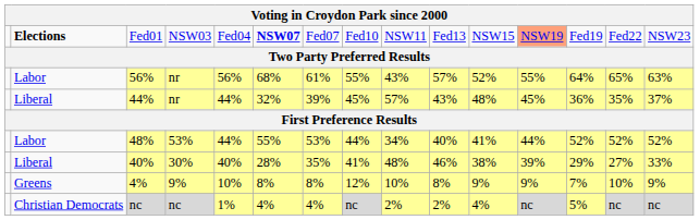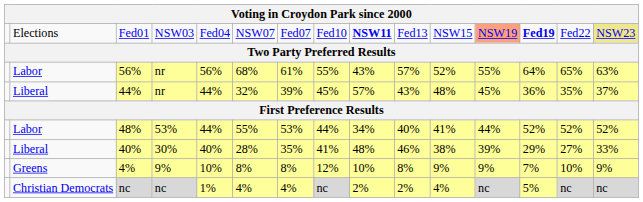 <table class="wikitable" style="margin-left:1em">
 <tr>
 <th colspan="18">Voting in Croydon Park since 2000</th>
 </tr>
 <tr>
 <td></td>
-<td><strong>Elections</strong></td>
+<td>Elections</td>
 <td><a href='#'>Fed01</a></td>
 <td><a href='#'>NSW03</a></td>
 <td><a href='#'>Fed04</a></td>
-<td><strong><a href='#'>NSW07</a></strong></td>
+<td><a href='#'>NSW07</a></td>
 <td><a href='#'>Fed07</a></td>
 <td><a href='#'>Fed10</a></td>
-<td><a href='#'>NSW11</a></td>
+<td><strong><a href='#'>NSW11</a></strong></td>
 <td><a href='#'>Fed13</a></td>
 <td><a href='#'>NSW15</a></td>
 <td style="background: lightsalmon;"><a href='#'>NSW19</a></td>
-<td><a href='#'>Fed19</a></td>
+<td><strong><a href='#'>Fed19</a></strong></td>
 <td><a href='#'>Fed22</a></td>
-<td><a href='#'>NSW23</a></td>
+<td style="background: khaki;"><a href='#'>NSW23</a></td>
 </tr>
 <tr>
 <th colspan="15">Two Party Preferred Results</th>
 </tr>
 <tr>
 <td></td>
 <td><a href='#'>Labor</a></td>
 <td bgcolor="FFFF99">56%</td>
 <td bgcolor="FFFF99">nr</td>
 <td bgcolor="FFFF99">56%</td>
 <td bgcolor="FFFF99">68%</td>
 <td bgcolor="FFFF99">61%</td>
 <td bgcolor="FFFF99">55%</td>
 <td bgcolor="FFFF99">43%</td>
 <td bgcolor="FFFF99">57%</td>
 <td bgcolor="FFFF99">52%</td>
 <td bgcolor="FFFF99">55%</td>
 <td bgcolor="FFFF99">64%</td>
 <td bgcolor="FFFF99">65%</td>
 <td bgcolor="FFFF99">63%</td>
 </tr>
 <tr>
 <td></td>
 <td><a href='#'>Liberal</a></td>
 <td bgcolor="FFFF99">44%</td>
 <td bgcolor="FFFF99">nr</td>
 <td bgcolor="FFFF99">44%</td>
 <td bgcolor="FFFF99">32%</td>
 <td bgcolor="FFFF99">39%</td>
 <td bgcolor="FFFF99">45%</td>
 <td bgcolor="FFFF99">57%</td>
 <td bgcolor="FFFF99">43%</td>
 <td bgcolor="FFFF99">48%</td>
 <td bgcolor="FFFF99">45%</td>
 <td bgcolor="FFFF99">36%</td>
 <td bgcolor="FFFF99">35%</td>
 <td bgcolor="FFFF99">37%</td>
 </tr>
 <tr>
 <th colspan="15">First Preference Results</th>
 </tr>
 <tr>
 <td></td>
 <td><a href='#'>Labor</a></td>
 <td bgcolor="FFFF99">48%</td>
 <td bgcolor="FFFF99">53%</td>
 <td bgcolor="FFFF99">44%</td>
 <td bgcolor="FFFF99">55%</td>
 <td bgcolor="FFFF99">53%</td>
 <td bgcolor="FFFF99">44%</td>
 <td bgcolor="FFFF99">34%</td>
 <td bgcolor="FFFF99">40%</td>
 <td bgcolor="FFFF99">41%</td>
 <td bgcolor="FFFF99">44%</td>
 <td bgcolor="FFFF99">52%</td>
 <td bgcolor="FFFF99">52%</td>
 <td bgcolor="FFFF99">52%</td>
 </tr>
 <tr>
 <td></td>
 <td><a href='#'>Liberal</a></td>
 <td bgcolor="FFFF99">40%</td>
 <td bgcolor="FFFF99">30%</td>
 <td bgcolor="FFFF99">40%</td>
 <td bgcolor="FFFF99">28%</td>
 <td bgcolor="FFFF99">35%</td>
 <td bgcolor="FFFF99">41%</td>
 <td bgcolor="FFFF99">48%</td>
 <td bgcolor="FFFF99">46%</td>
 <td bgcolor="FFFF99">38%</td>
 <td bgcolor="FFFF99">39%</td>
 <td bgcolor="FFFF99">29%</td>
 <td bgcolor="FFFF99">27%</td>
 <td bgcolor="FFFF99">33%</td>
 </tr>
 <tr>
 <td></td>
 <td><a href='#'>Greens</a></td>
 <td bgcolor="FFFF99">4%</td>
 <td bgcolor="FFFF99">9%</td>
 <td bgcolor="FFFF99">10%</td>
 <td bgcolor="FFFF99">8%</td>
 <td bgcolor="FFFF99">8%</td>
 <td bgcolor="FFFF99">12%</td>
 <td bgcolor="FFFF99">10%</td>
 <td bgcolor="FFFF99">8%</td>
 <td bgcolor="FFFF99">9%</td>
 <td bgcolor="FFFF99">9%</td>
 <td bgcolor="FFFF99">7%</td>
 <td bgcolor="FFFF99">10%</td>
 <td bgcolor="FFFF99">9%</td>
 </tr>
 <tr>
 <td></td>
 <td><a href='#'>Christian Democrats</a></td>
 <td bgcolor="D8D8D8">nc</td>
 <td bgcolor="D8D8D8">nc</td>
 <td bgcolor="FFFF99">1%</td>
 <td bgcolor="FFFF99">4%</td>
 <td bgcolor="FFFF99">4%</td>
 <td bgcolor="D8D8D8">nc</td>
 <td bgcolor="FFFF99">2%</td>
 <td bgcolor="FFFF99">2%</td>
 <td bgcolor="FFFF99">4%</td>
 <td bgcolor="D8D8D8">nc</td>
 <td bgcolor="FFFF99">5%</td>
 <td bgcolor="D8D8D8">nc</td>
 <td bgcolor="D8D8D8">nc</td>
 </tr>
 </table>
